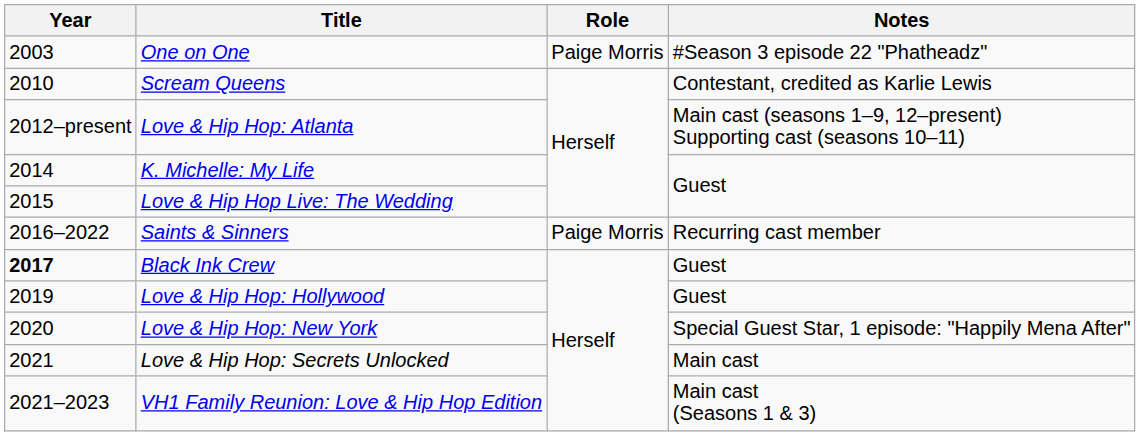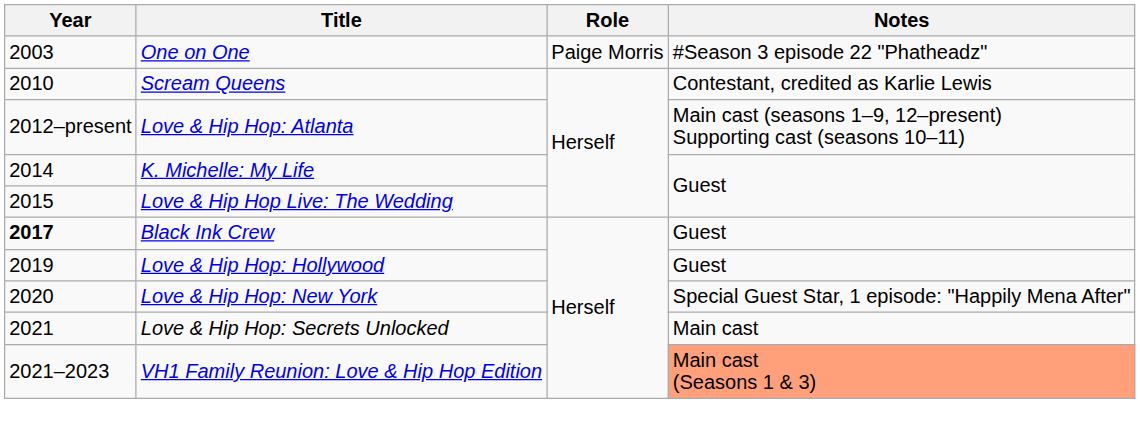 <table class="wikitable sortable">
 <tr>
 <th>Year</th>
 <th>Title</th>
 <th>Role</th>
 <th>Notes</th>
 </tr>
 <tr>
 <td>2003</td>
 <td><em><a href='#'>One on One</a></em></td>
 <td>Paige Morris</td>
 <td>#Season 3 episode 22 "Phatheadz"</td>
 </tr>
 <tr>
 <td>2010</td>
 <td><em><a href='#'>Scream Queens</a></em></td>
 <td rowspan="4">Herself</td>
 <td>Contestant, credited as Karlie Lewis</td>
 </tr>
 <tr>
 <td>2012–present</td>
 <td><em><a href='#'>Love & Hip Hop: Atlanta</a></em></td>
 <td>Main cast (seasons 1–9, 12–present)<br>Supporting cast (seasons 10–11)</td>
 </tr>
 <tr>
 <td>2014</td>
 <td><em><a href='#'>K. Michelle: My Life</a></em></td>
 <td rowspan="2">Guest</td>
 </tr>
 <tr>
 <td>2015</td>
 <td><em><a href='#'>Love & Hip Hop Live: The Wedding</a></em></td>
 </tr>
 <tr>
-<td>2016–2022</td>
-<td><em><a href='#'>Saints & Sinners</a></em></td>
-<td>Paige Morris</td>
-<td>Recurring cast member</td>
-</tr>
-<tr>
 <td><strong>2017</strong></td>
 <td><em><a href='#'>Black Ink Crew</a></em></td>
 <td rowspan="5">Herself</td>
 <td>Guest</td>
 </tr>
 <tr>
 <td>2019</td>
 <td><em><a href='#'>Love & Hip Hop: Hollywood</a></em></td>
 <td>Guest</td>
 </tr>
 <tr>
 <td>2020</td>
 <td><em><a href='#'>Love & Hip Hop: New York</a></em></td>
 <td>Special Guest Star, 1 episode: "Happily Mena After"</td>
 </tr>
 <tr>
 <td>2021</td>
 <td><em>Love & Hip Hop: Secrets Unlocked</em></td>
 <td>Main cast</td>
 </tr>
 <tr>
 <td>2021–2023</td>
 <td><em><a href='#'>VH1 Family Reunion: Love & Hip Hop Edition</a></em></td>
-<td>Main cast<br>(Seasons 1 & 3)</td>
+<td style="background: lightsalmon;">Main cast<br>(Seasons 1 & 3)</td>
 </tr>
 </table>
